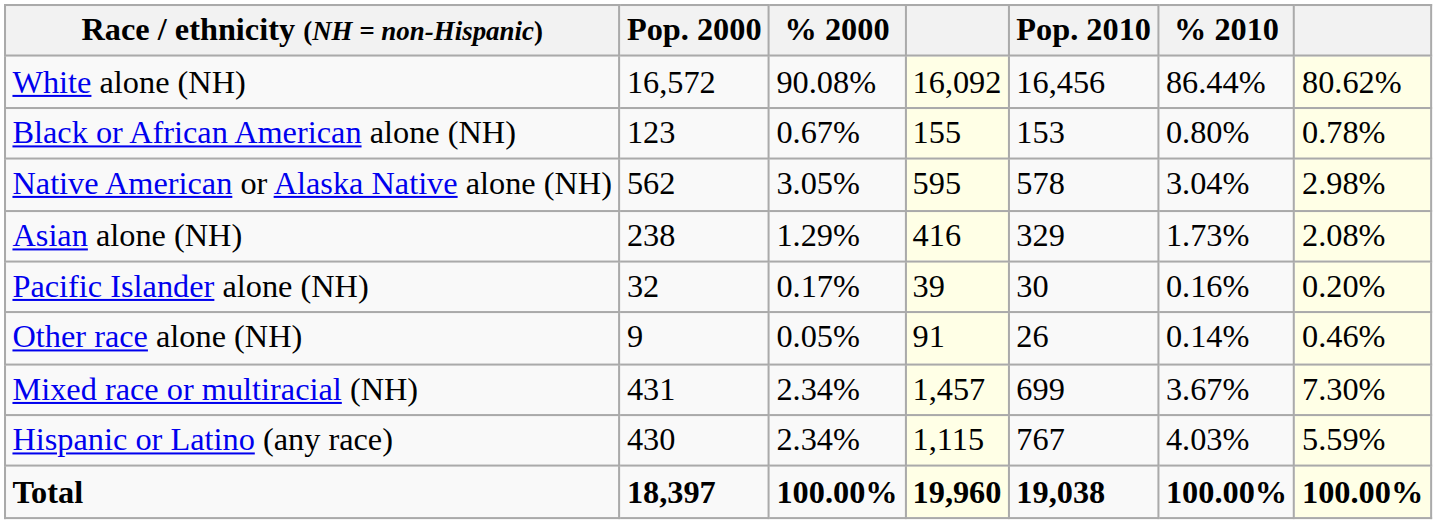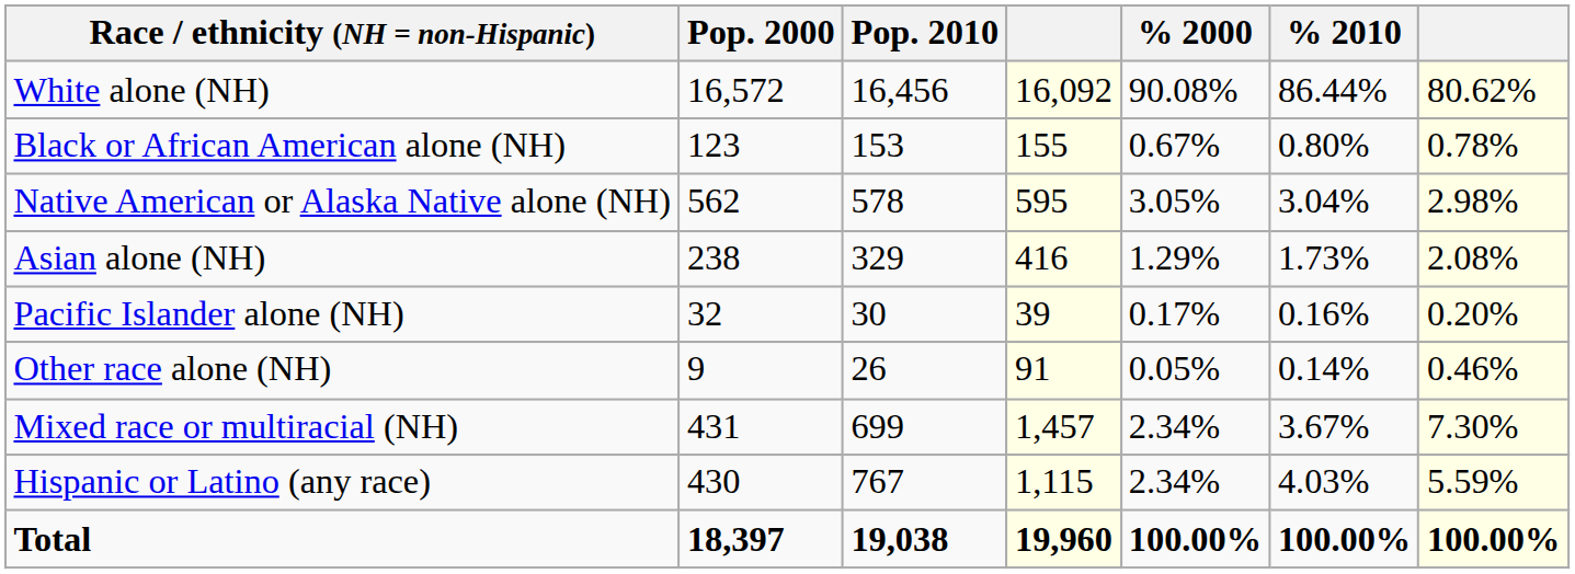 <table class="wikitable">
 <tr>
 <th>Race / ethnicity <small>(<em>NH = non-Hispanic</em>)</small></th>
 <th>Pop. 2000</th>
+<th>Pop. 2010</th>
+<th></th>
 <th>% 2000</th>
-<th></th>
-<th>Pop. 2010</th>
 <th>% 2010</th>
 <th></th>
 </tr>
 <tr>
 <td><a href='#'>White</a> alone (NH)</td>
 <td>16,572</td>
+<td>16,456</td>
+<td style='background: #ffffe6;'>16,092</td>
 <td>90.08%</td>
-<td style='background: #ffffe6;'>16,092</td>
-<td>16,456</td>
 <td>86.44%</td>
 <td style='background: #ffffe6;'>80.62%</td>
 </tr>
 <tr>
 <td><a href='#'>Black or African American</a> alone (NH)</td>
 <td>123</td>
+<td>153</td>
+<td style='background: #ffffe6;'>155</td>
 <td>0.67%</td>
-<td style='background: #ffffe6;'>155</td>
-<td>153</td>
 <td>0.80%</td>
 <td style='background: #ffffe6;'>0.78%</td>
 </tr>
 <tr>
 <td><a href='#'>Native American</a> or <a href='#'>Alaska Native</a> alone (NH)</td>
 <td>562</td>
+<td>578</td>
+<td style='background: #ffffe6;'>595</td>
 <td>3.05%</td>
-<td style='background: #ffffe6;'>595</td>
-<td>578</td>
 <td>3.04%</td>
 <td style='background: #ffffe6;'>2.98%</td>
 </tr>
 <tr>
 <td><a href='#'>Asian</a> alone (NH)</td>
 <td>238</td>
+<td>329</td>
+<td style='background: #ffffe6;'>416</td>
 <td>1.29%</td>
-<td style='background: #ffffe6;'>416</td>
-<td>329</td>
 <td>1.73%</td>
 <td style='background: #ffffe6;'>2.08%</td>
 </tr>
 <tr>
 <td><a href='#'>Pacific Islander</a> alone (NH)</td>
 <td>32</td>
+<td>30</td>
+<td style='background: #ffffe6;'>39</td>
 <td>0.17%</td>
-<td style='background: #ffffe6;'>39</td>
-<td>30</td>
 <td>0.16%</td>
 <td style='background: #ffffe6;'>0.20%</td>
 </tr>
 <tr>
 <td><a href='#'>Other race</a> alone (NH)</td>
 <td>9</td>
+<td>26</td>
+<td style='background: #ffffe6;'>91</td>
 <td>0.05%</td>
-<td style='background: #ffffe6;'>91</td>
-<td>26</td>
 <td>0.14%</td>
 <td style='background: #ffffe6;'>0.46%</td>
 </tr>
 <tr>
 <td><a href='#'>Mixed race or multiracial</a> (NH)</td>
 <td>431</td>
+<td>699</td>
+<td style='background: #ffffe6;'>1,457</td>
 <td>2.34%</td>
-<td style='background: #ffffe6;'>1,457</td>
-<td>699</td>
 <td>3.67%</td>
 <td style='background: #ffffe6;'>7.30%</td>
 </tr>
 <tr>
 <td><a href='#'>Hispanic or Latino</a> (any race)</td>
 <td>430</td>
+<td>767</td>
+<td style='background: #ffffe6;'>1,115</td>
 <td>2.34%</td>
-<td style='background: #ffffe6;'>1,115</td>
-<td>767</td>
 <td>4.03%</td>
 <td style='background: #ffffe6;'>5.59%</td>
 </tr>
 <tr>
 <td><strong>Total</strong></td>
 <td><strong>18,397</strong></td>
+<td><strong>19,038</strong></td>
+<td style='background: #ffffe6;'><strong>19,960</strong></td>
 <td><strong>100.00%</strong></td>
-<td style='background: #ffffe6;'><strong>19,960</strong></td>
-<td><strong>19,038</strong></td>
 <td><strong>100.00%</strong></td>
 <td style='background: #ffffe6;'><strong>100.00%</strong></td>
 </tr>
 </table>
